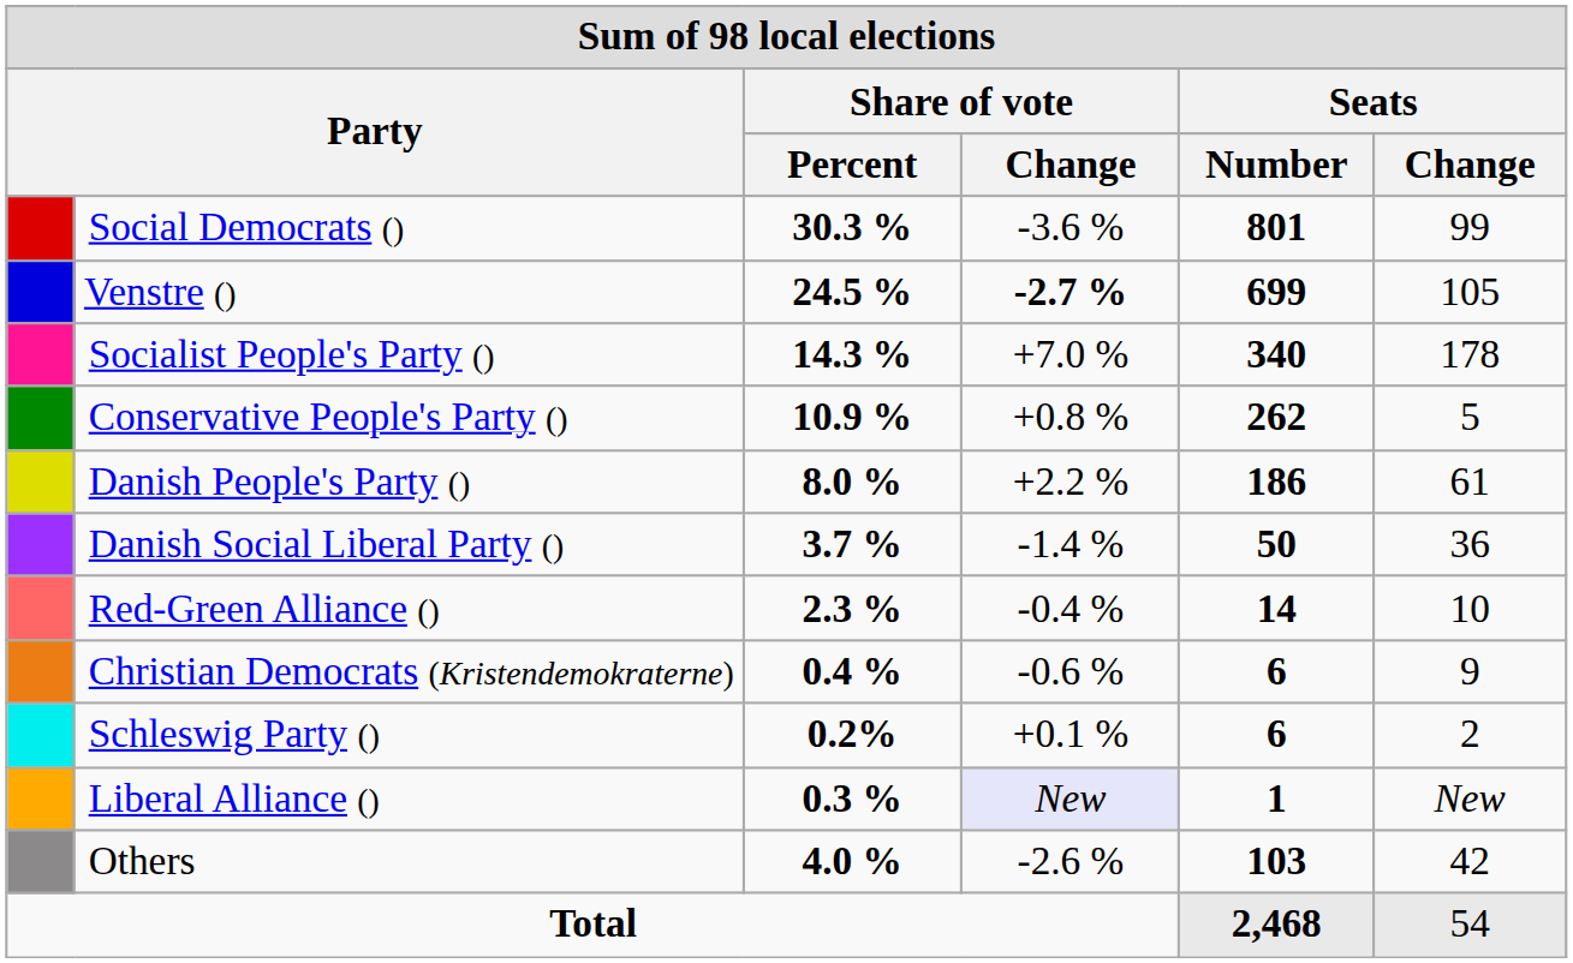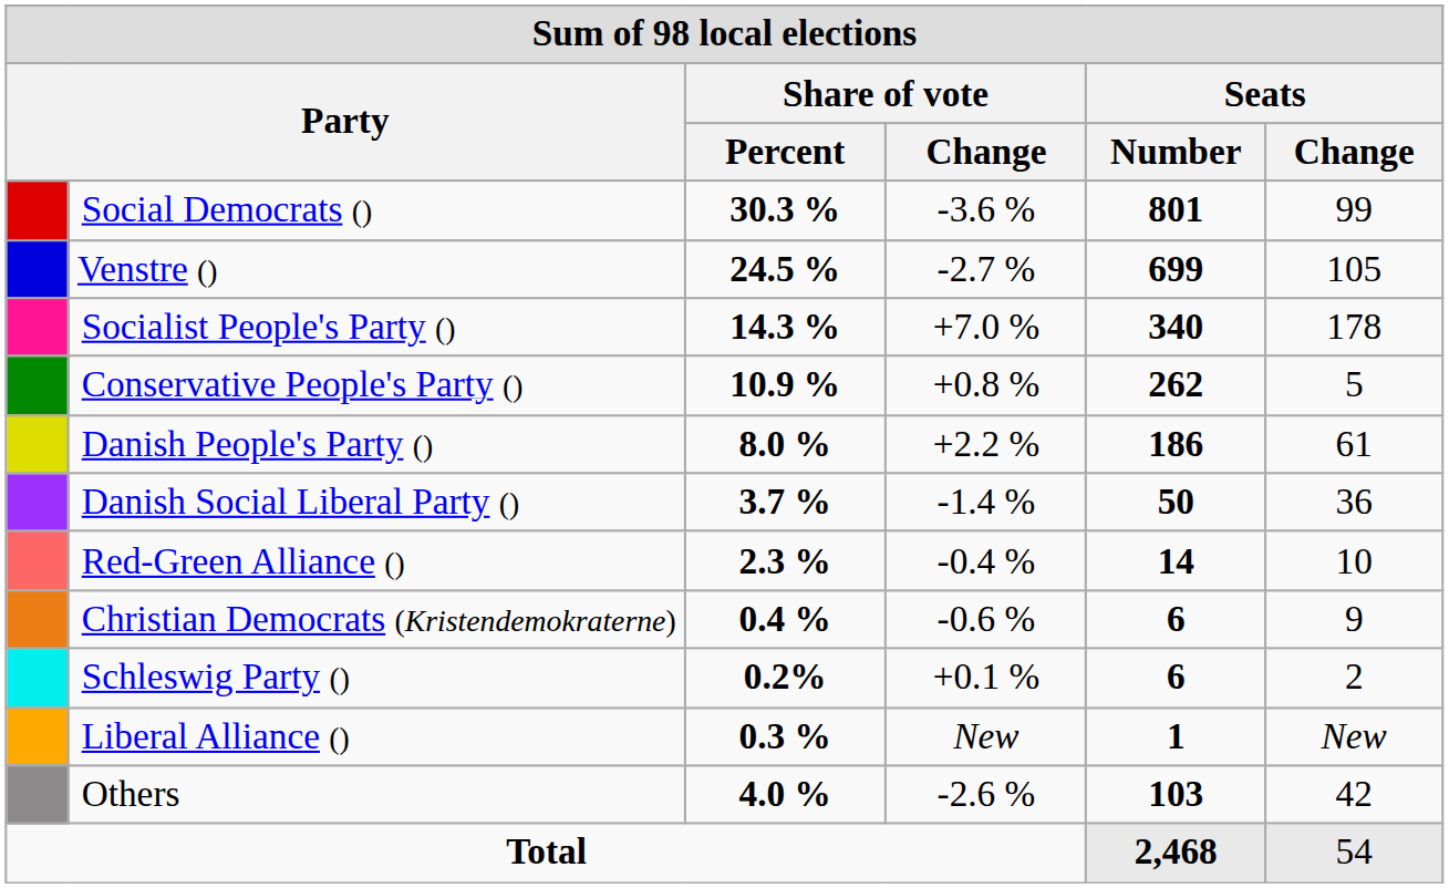 <table class="wikitable" style="margin-left:1em;">
 <tr>
 <th colspan="6" style="background:#dddddd; text-align:center;"><strong>Sum of 98 local elections</strong></th>
 </tr>
 <tr>
 <th rowspan="2" colspan="2">Party</th>
 <th colspan="2">Share of vote</th>
 <th colspan="2">Seats</th>
 </tr>
 <tr>
 <th style="width:80px;">Percent</th>
 <th style="width:80px;">Change</th>
 <th style="width:70px;">Number</th>
 <th style="width:70px;">Change</th>
 </tr>
 <tr>
 <td style="background:#dd0000; text-align:center;"></td>
 <td style="padding-left:5px;"><a href='#'>Social Democrats</a> <small>()</small></td>
 <td style="text-align:center;"><strong>30.3 %</strong></td>
 <td style="text-align:center;">-3.6 %</td>
 <td style="text-align:center;"><strong>801</strong></td>
 <td style="text-align:center;"> 99</td>
 </tr>
 <tr>
 <td style="width:20px; background:#0000dd; text-align:center;"></td>
 <td style="width:200px padding-left:5px;"><a href='#'>Venstre</a> <small>()</small></td>
 <td style="text-align:center;"><strong>24.5 %</strong></td>
-<td style="text-align:center;"><strong>-2.7 %</strong></td>
+<td style="text-align:center;">-2.7 %</td>
 <td style="text-align:center;"><strong>699</strong></td>
 <td style="text-align:center;"> 105</td>
 </tr>
 <tr>
 <td style="background:#FF1493; text-align:center;"></td>
 <td style="padding-left:5px;"><a href='#'>Socialist People's Party</a> <small>()</small></td>
 <td style="text-align:center;"><strong>14.3 %</strong></td>
 <td style="text-align:center;">+7.0 %</td>
 <td style="text-align:center;"><strong>340</strong></td>
 <td style="text-align:center;"> 178</td>
 </tr>
 <tr>
 <td style="background:#008800; text-align:center;"></td>
 <td style="padding-left:5px;"><a href='#'>Conservative People's Party</a> <small>()</small></td>
 <td style="text-align:center;"><strong>10.9 %</strong></td>
 <td style="text-align:center;">+0.8 %</td>
 <td style="text-align:center;"><strong>262</strong></td>
 <td style="text-align:center;"> 5</td>
 </tr>
 <tr>
 <td style="background:#dddd00; text-align:center;"></td>
 <td style="padding-left:5px;"><a href='#'>Danish People's Party</a> <small>()</small></td>
 <td style="text-align:center;"><strong>8.0 %</strong></td>
 <td style="text-align:center;">+2.2 %</td>
 <td style="text-align:center;"><strong>186</strong></td>
 <td style="text-align:center;"> 61</td>
 </tr>
 <tr>
 <td style="background:#9B30FF; text-align:center;"></td>
 <td style="padding-left:5px;"><a href='#'>Danish Social Liberal Party</a> <small>()</small></td>
 <td style="text-align:center;"><strong>3.7 %</strong></td>
 <td style="text-align:center;">-1.4 %</td>
 <td style="text-align:center;"><strong>50</strong></td>
 <td style="text-align:center;"> 36</td>
 </tr>
 <tr>
 <td style="background:#FF6666; text-align:center;"></td>
 <td style="padding-left:5px;"><a href='#'>Red-Green Alliance</a> <small>()</small></td>
 <td style="text-align:center;"><strong>2.3 %</strong></td>
 <td style="text-align:center;">-0.4 %</td>
 <td style="text-align:center;"><strong>14</strong></td>
 <td style="text-align:center;"> 10</td>
 </tr>
 <tr>
 <td style="background:#EC7D14; text-align:center;"></td>
 <td style="padding-left:5px;"><a href='#'>Christian Democrats</a> <small>(<em>Kristendemokraterne</em>)</small></td>
 <td style="text-align:center;"><strong>0.4 %</strong></td>
 <td style="text-align:center;">-0.6 %</td>
 <td style="text-align:center;"><strong>6</strong></td>
 <td style="text-align:center;"> 9</td>
 </tr>
 <tr>
 <td style="background:#00EEEE; text-align:center;"></td>
 <td style="padding-left:5px;"><a href='#'>Schleswig Party</a> <small>()</small></td>
 <td style="text-align:center;"><strong>0.2%</strong></td>
 <td style="text-align:center;">+0.1 %</td>
 <td style="text-align:center;"><strong>6</strong></td>
 <td style="text-align:center;"> 2</td>
 </tr>
 <tr>
 <td style="background:#ffaa00; text-align:center;"></td>
 <td style="padding-left:5px;"><a href='#'>Liberal Alliance</a> <small>()</small></td>
 <td style="text-align:center;"><strong>0.3 %</strong></td>
-<td style="background: lavender; text-align:center;"><em>New</em></td>
+<td style="text-align:center;"><em>New</em></td>
 <td style="text-align:center;"><strong>1</strong></td>
 <td style="text-align:center;"><em>New</em></td>
 </tr>
 <tr>
 <td style="background:#8B8989;"></td>
 <td style="padding-left:5px;">Others</td>
 <td style="text-align:center;"><strong>4.0 %</strong></td>
 <td style="text-align:center;">-2.6 %</td>
 <td style="text-align:center;"><strong>103</strong></td>
 <td style="text-align:center;"> 42</td>
 </tr>
 <tr>
 <td style="text-align:center;" style="background-color:#E9E9E9" colspan="4"><strong>Total</strong></td>
 <td style="text-align:center; background-color:#E9E9E9"><strong>2,468</strong></td>
 <td style="text-align:center; background-color:#E9E9E9"> 54</td>
 </tr>
 </table>
